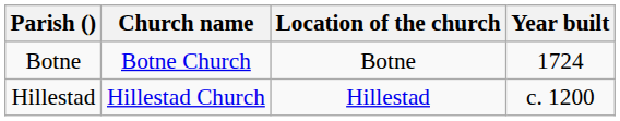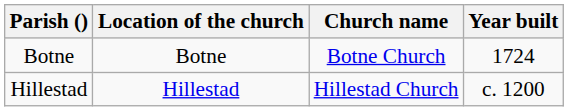 <table class="wikitable" style="text-align:center">
 <tr>
 <th>Parish ()</th>
+<th>Location of the church</th>
 <th>Church name</th>
-<th>Location of the church</th>
 <th>Year built</th>
 </tr>
 <tr>
 <td>Botne</td>
+<td>Botne</td>
 <td><a href='#'>Botne Church</a></td>
-<td>Botne</td>
 <td>1724</td>
 </tr>
 <tr>
 <td>Hillestad</td>
+<td><a href='#'>Hillestad</a></td>
 <td><a href='#'>Hillestad Church</a></td>
-<td><a href='#'>Hillestad</a></td>
 <td>c. 1200</td>
 </tr>
 </table>
